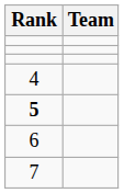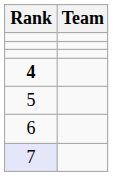 <table class=wikitable style="text-align:center;">
 <tr>
 <th width=40>Rank</th>
 <th>Team</th>
 </tr>
 <tr>
 <td></td>
 <td align=left></td>
 </tr>
 <tr>
 <td></td>
 <td align=left></td>
 </tr>
 <tr>
 <td></td>
 <td align=left></td>
 </tr>
 <tr>
-<td>4</td>
+<td><strong>4</strong></td>
 <td align=left></td>
 </tr>
 <tr>
-<td><strong>5</strong></td>
+<td>5</td>
 <td align=left></td>
 </tr>
 <tr>
 <td>6</td>
 <td align=left></td>
 </tr>
 <tr>
-<td>7</td>
+<td style="background: lavender;">7</td>
 <td align=left></td>
 </tr>
 </table>
